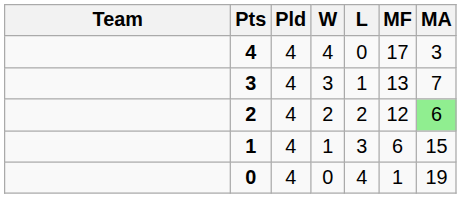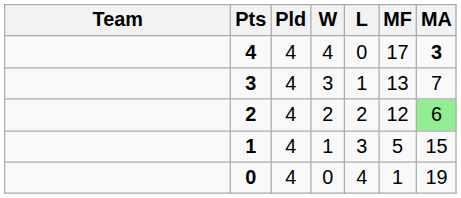 <table class=wikitable style="text-align:center">
 <tr>
 <th width=175>Team</th>
 <th width=20>Pts</th>
 <th width=20>Pld</th>
 <th width=20>W</th>
 <th width=20>L</th>
 <th width=20>MF</th>
 <th width=20>MA</th>
 </tr>
 <tr>
 <td style="text-align:left"></td>
 <td><strong>4</strong></td>
 <td>4</td>
 <td>4</td>
 <td>0</td>
 <td>17</td>
-<td>3</td>
+<td><strong>3</strong></td>
 </tr>
 <tr>
 <td style="text-align:left"></td>
 <td><strong>3</strong></td>
 <td>4</td>
 <td>3</td>
 <td>1</td>
 <td>13</td>
 <td>7</td>
 </tr>
 <tr>
 <td style="text-align:left"></td>
 <td><strong>2</strong></td>
 <td>4</td>
 <td>2</td>
 <td>2</td>
 <td>12</td>
 <td style="background: lightgreen;">6</td>
 </tr>
 <tr>
 <td style="text-align:left"></td>
 <td><strong>1</strong></td>
 <td>4</td>
 <td>1</td>
 <td>3</td>
-<td>6</td>
+<td>5</td>
 <td>15</td>
 </tr>
 <tr>
 <td style="text-align:left"></td>
 <td><strong>0</strong></td>
 <td>4</td>
 <td>0</td>
 <td>4</td>
 <td>1</td>
 <td>19</td>
 </tr>
 </table>
